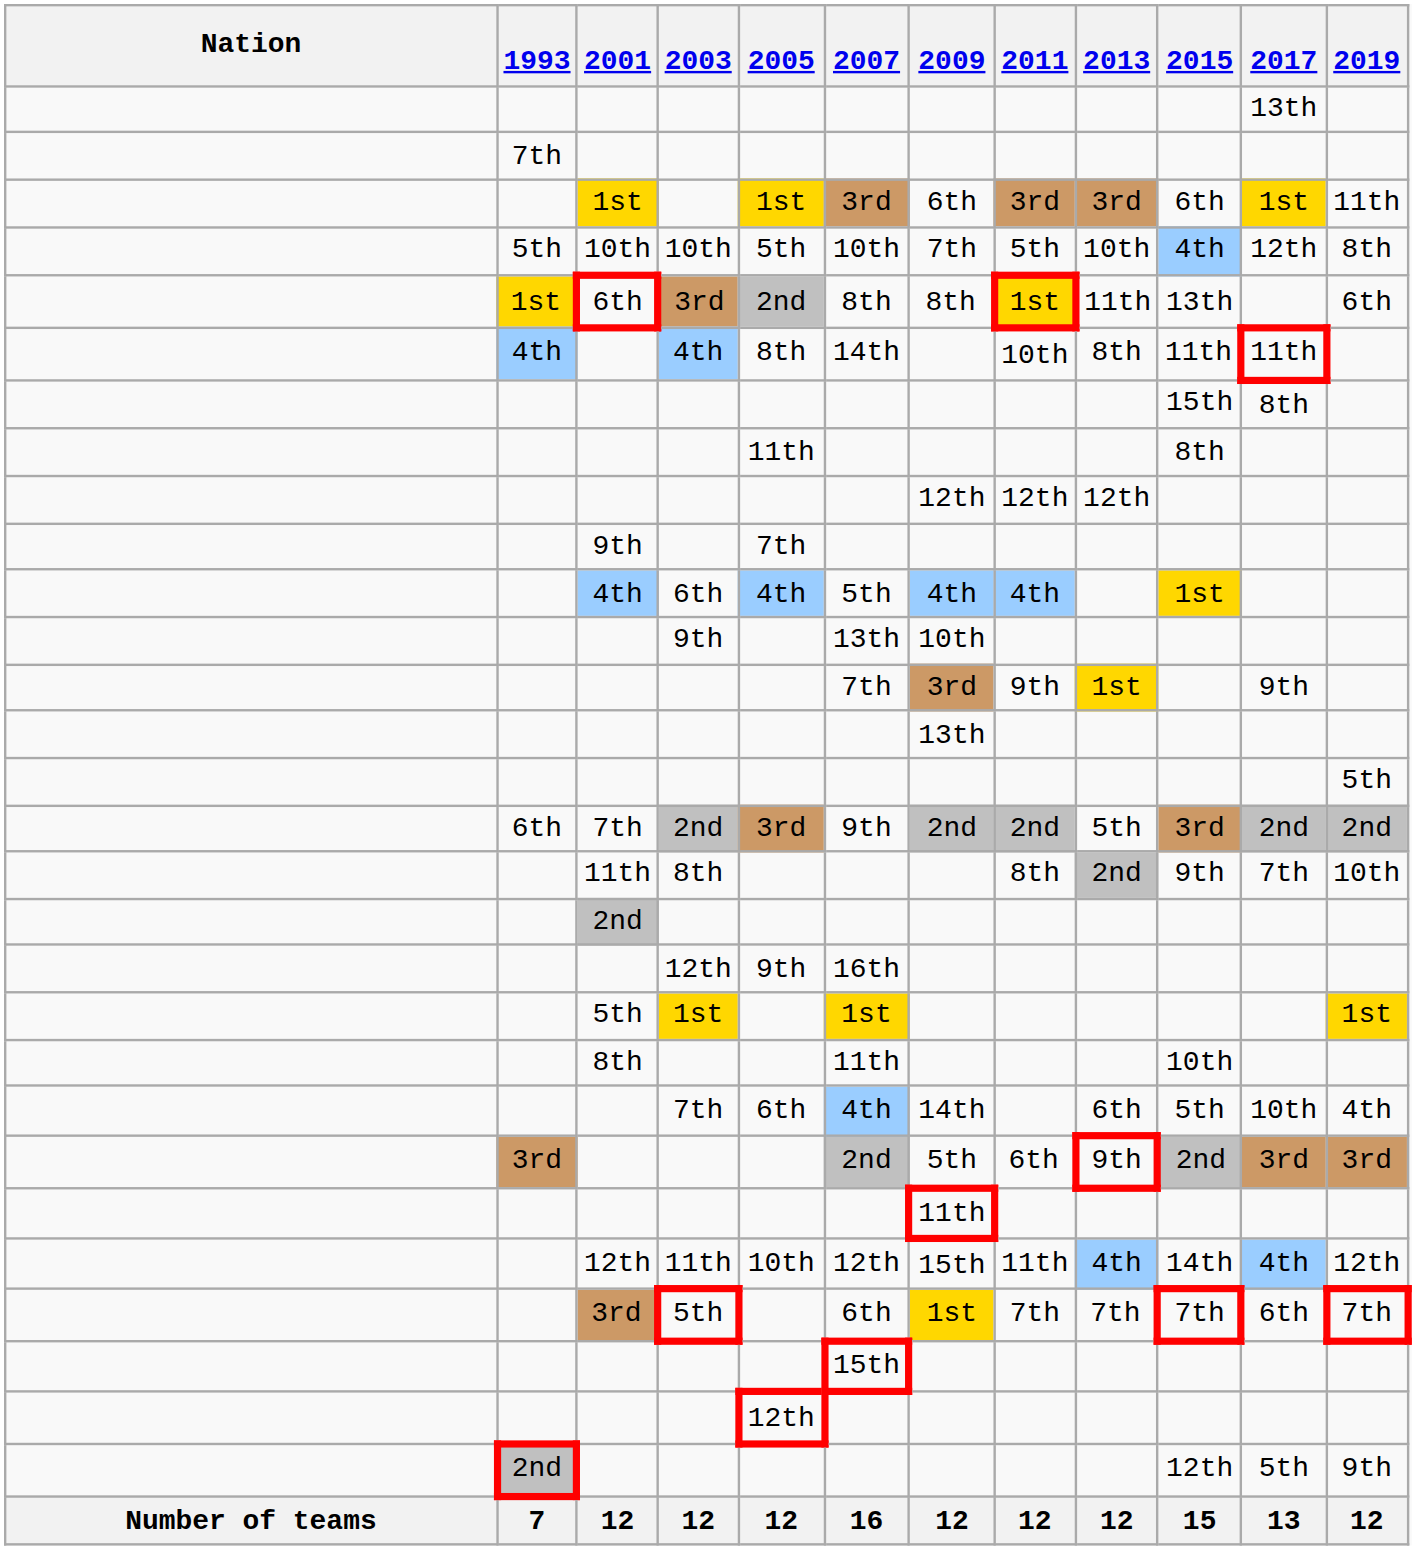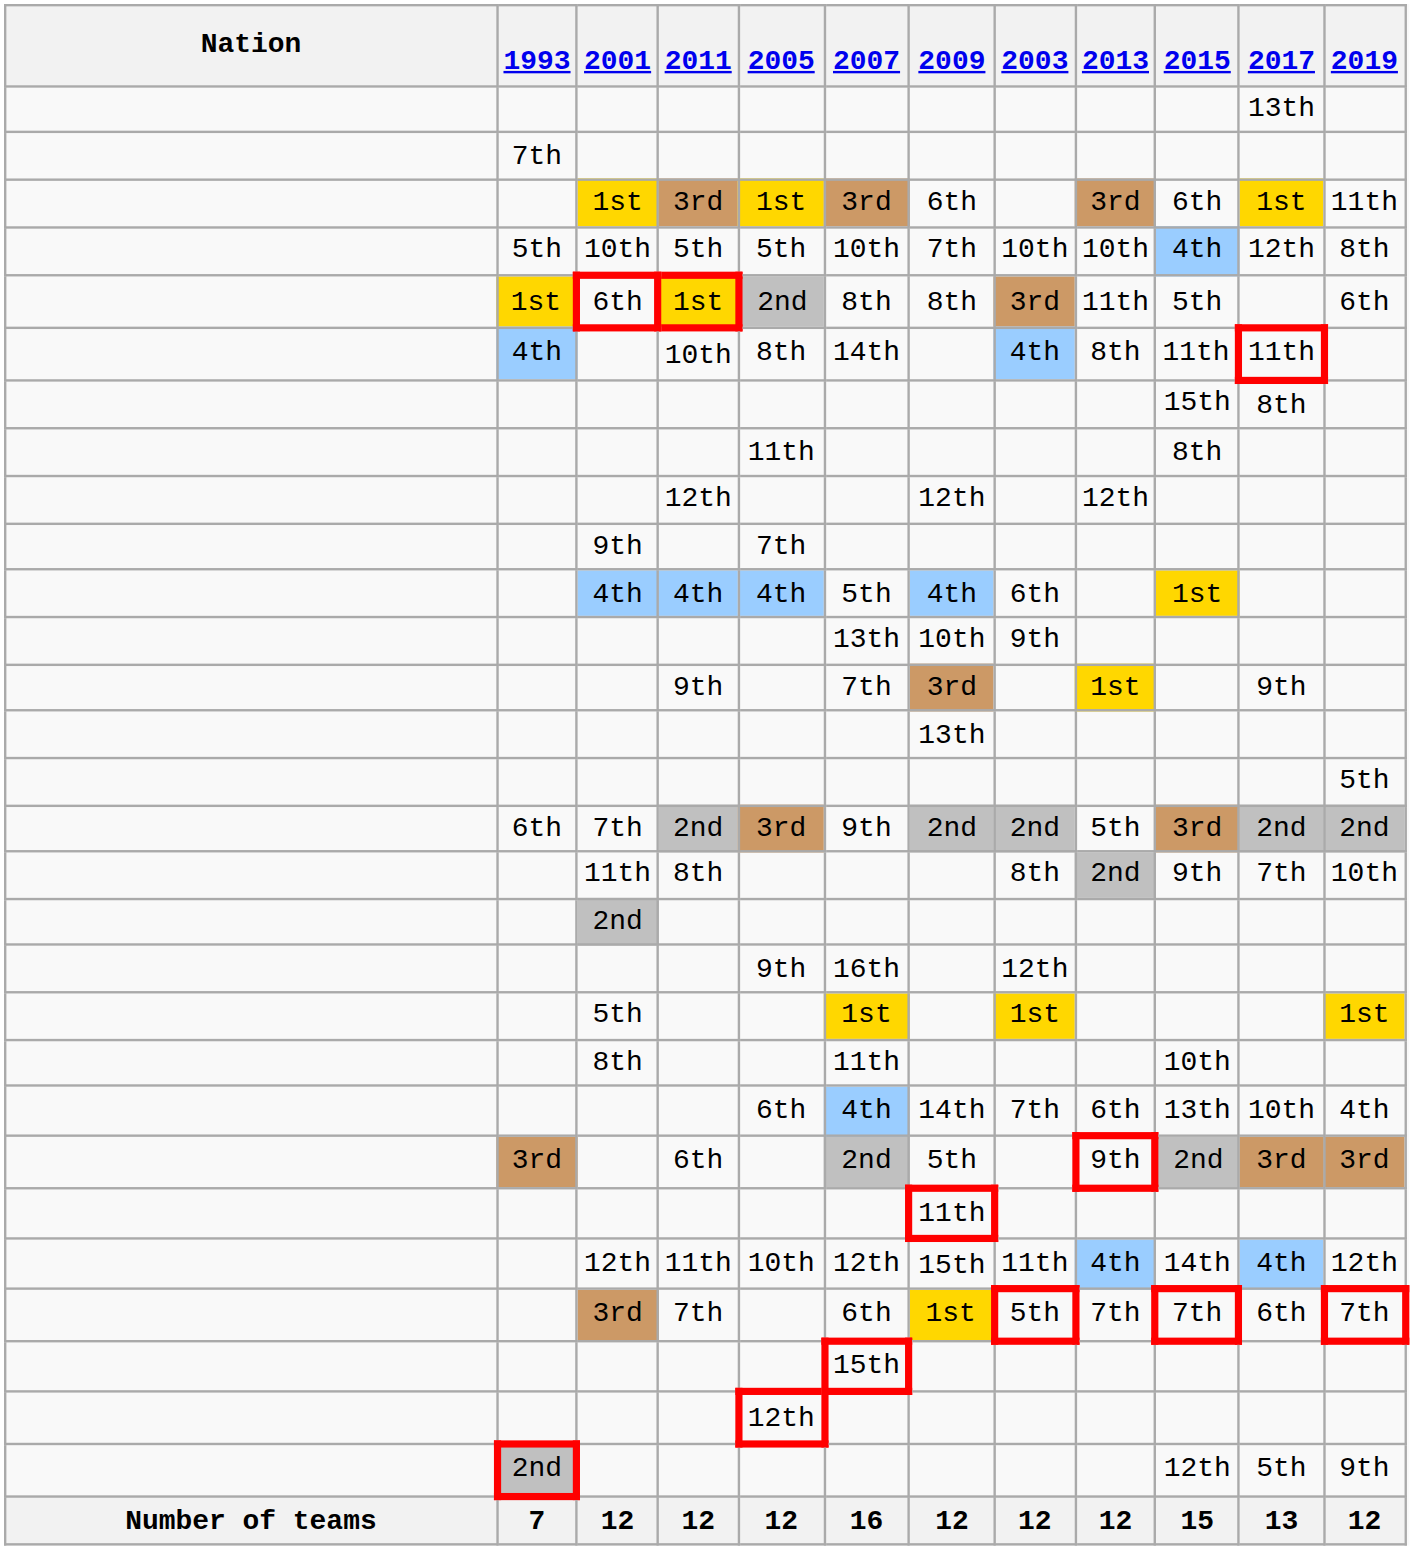 <table class="wikitable" style="text-align:center; font-size:90%">
 <tr>
 <th width=200>Nation</th>
 <th><br><a href='#'>1993</a></th>
 <th><br><a href='#'>2001</a></th>
-<th><br><a href='#'>2003</a></th>
+<th><br><a href='#'>2011</a></th>
 <th><br><a href='#'>2005</a></th>
 <th><br><a href='#'>2007</a></th>
 <th><br><a href='#'>2009</a></th>
-<th><br><a href='#'>2011</a></th>
+<th><br><a href='#'>2003</a></th>
 <th><br><a href='#'>2013</a></th>
 <th><br><a href='#'>2015</a></th>
 <th><br><a href='#'>2017</a></th>
 <th><br><a href='#'>2019</a></th>
 </tr>
 <tr>
 <td align=left></td>
 <td></td>
 <td></td>
 <td></td>
 <td></td>
 <td></td>
 <td></td>
 <td></td>
 <td></td>
 <td></td>
 <td>13th</td>
 <td></td>
 </tr>
 <tr>
 <td align=left></td>
 <td>7th</td>
 <td></td>
 <td></td>
 <td></td>
 <td></td>
 <td></td>
 <td></td>
 <td></td>
 <td></td>
 <td></td>
 <td></td>
 </tr>
 <tr>
 <td align=left></td>
 <td></td>
 <td bgcolor=gold>1st</td>
-<td></td>
+<td bgcolor=#cc9966>3rd</td>
 <td bgcolor=gold>1st</td>
 <td bgcolor=#cc9966>3rd</td>
 <td>6th</td>
-<td bgcolor=#cc9966>3rd</td>
+<td></td>
 <td bgcolor=#cc9966>3rd</td>
 <td>6th</td>
 <td bgcolor=gold>1st</td>
 <td>11th</td>
 </tr>
 <tr>
 <td align=left></td>
 <td>5th</td>
 <td>10th</td>
-<td>10th</td>
+<td>5th</td>
 <td>5th</td>
 <td>10th</td>
 <td>7th</td>
-<td>5th</td>
+<td>10th</td>
 <td>10th</td>
 <td bgcolor=#9acdff>4th</td>
 <td>12th</td>
 <td>8th</td>
 </tr>
 <tr>
 <td align=left></td>
 <td bgcolor=gold>1st</td>
 <td style="border: 3px solid red">6th</td>
-<td bgcolor=#cc9966>3rd</td>
+<td style="border: 3px solid red" bgcolor=gold>1st</td>
 <td bgcolor=silver>2nd</td>
 <td>8th</td>
 <td>8th</td>
-<td style="border: 3px solid red" bgcolor=gold>1st</td>
+<td bgcolor=#cc9966>3rd</td>
 <td>11th</td>
-<td>13th</td>
+<td>5th</td>
 <td></td>
 <td>6th</td>
 </tr>
 <tr>
 <td align=left></td>
 <td bgcolor=#9acdff>4th</td>
 <td></td>
-<td bgcolor=#9acdff>4th</td>
+<td>10th</td>
 <td>8th</td>
 <td>14th</td>
 <td></td>
-<td>10th</td>
+<td bgcolor=#9acdff>4th</td>
 <td>8th</td>
 <td>11th</td>
 <td style="border: 3px solid red">11th</td>
 <td></td>
 </tr>
 <tr>
 <td align=left></td>
 <td></td>
 <td></td>
 <td></td>
 <td></td>
 <td></td>
 <td></td>
 <td></td>
 <td></td>
 <td>15th</td>
 <td>8th</td>
 <td></td>
 </tr>
 <tr>
 <td align=left></td>
 <td></td>
 <td></td>
 <td></td>
 <td>11th</td>
 <td></td>
 <td></td>
 <td></td>
 <td></td>
 <td>8th</td>
 <td></td>
 <td></td>
 </tr>
 <tr>
 <td align=left></td>
 <td></td>
 <td></td>
-<td></td>
+<td>12th</td>
 <td></td>
 <td></td>
 <td>12th</td>
-<td>12th</td>
+<td></td>
 <td>12th</td>
 <td></td>
 <td></td>
 <td></td>
 </tr>
 <tr>
 <td align=left></td>
 <td></td>
 <td>9th</td>
 <td></td>
 <td>7th</td>
 <td></td>
 <td></td>
 <td></td>
 <td></td>
 <td></td>
 <td></td>
 <td></td>
 </tr>
 <tr>
 <td align=left></td>
 <td></td>
 <td bgcolor=#9acdff>4th</td>
-<td>6th</td>
+<td bgcolor=#9acdff>4th</td>
 <td bgcolor=#9acdff>4th</td>
 <td>5th</td>
 <td bgcolor=#9acdff>4th</td>
-<td bgcolor=#9acdff>4th</td>
+<td>6th</td>
 <td></td>
 <td bgcolor=gold>1st</td>
 <td></td>
 <td></td>
 </tr>
 <tr>
 <td align=left></td>
 <td></td>
 <td></td>
-<td>9th</td>
+<td></td>
 <td></td>
 <td>13th</td>
 <td>10th</td>
-<td></td>
+<td>9th</td>
 <td></td>
 <td></td>
 <td></td>
 <td></td>
 </tr>
 <tr>
 <td align=left></td>
 <td></td>
 <td></td>
-<td></td>
+<td>9th</td>
 <td></td>
 <td>7th</td>
 <td bgcolor=#cc9966>3rd</td>
-<td>9th</td>
+<td></td>
 <td bgcolor=gold>1st</td>
 <td></td>
 <td>9th</td>
 <td></td>
 </tr>
 <tr>
 <td align=left></td>
 <td></td>
 <td></td>
 <td></td>
 <td></td>
 <td></td>
 <td>13th</td>
 <td></td>
 <td></td>
 <td></td>
 <td></td>
 <td></td>
 </tr>
 <tr>
 <td align=left></td>
 <td></td>
 <td></td>
 <td></td>
 <td></td>
 <td></td>
 <td></td>
 <td></td>
 <td></td>
 <td></td>
 <td></td>
 <td>5th</td>
 </tr>
 <tr>
 <td align=left></td>
 <td>6th</td>
 <td>7th</td>
 <td bgcolor=silver>2nd</td>
 <td bgcolor=#cc9966>3rd</td>
 <td>9th</td>
 <td bgcolor=silver>2nd</td>
 <td bgcolor=silver>2nd</td>
 <td>5th</td>
 <td bgcolor=#cc9966>3rd</td>
 <td bgcolor=silver>2nd</td>
 <td bgcolor=silver>2nd</td>
 </tr>
 <tr>
 <td align=left></td>
 <td></td>
 <td>11th</td>
 <td>8th</td>
 <td></td>
 <td></td>
 <td></td>
 <td>8th</td>
 <td bgcolor=silver>2nd</td>
 <td>9th</td>
 <td>7th</td>
 <td>10th</td>
 </tr>
 <tr>
 <td align=left></td>
 <td></td>
 <td bgcolor=silver>2nd</td>
 <td></td>
 <td></td>
 <td></td>
 <td></td>
 <td></td>
 <td></td>
 <td></td>
 <td></td>
 <td></td>
 </tr>
 <tr>
 <td align=left></td>
 <td></td>
 <td></td>
-<td>12th</td>
+<td></td>
 <td>9th</td>
 <td>16th</td>
 <td></td>
-<td></td>
+<td>12th</td>
 <td></td>
 <td></td>
 <td></td>
 <td></td>
 </tr>
 <tr>
 <td align=left></td>
 <td></td>
 <td>5th</td>
+<td></td>
+<td></td>
 <td bgcolor=gold>1st</td>
 <td></td>
 <td bgcolor=gold>1st</td>
-<td></td>
-<td></td>
 <td></td>
 <td></td>
 <td></td>
 <td bgcolor=gold>1st</td>
 </tr>
 <tr>
 <td align=left></td>
 <td></td>
 <td>8th</td>
 <td></td>
 <td></td>
 <td>11th</td>
 <td></td>
 <td></td>
 <td></td>
 <td>10th</td>
 <td></td>
 <td></td>
 </tr>
 <tr>
 <td align=left></td>
 <td></td>
 <td></td>
-<td>7th</td>
+<td></td>
 <td>6th</td>
 <td bgcolor=#9acdff>4th</td>
 <td>14th</td>
-<td></td>
+<td>7th</td>
 <td>6th</td>
-<td>5th</td>
+<td>13th</td>
 <td>10th</td>
 <td>4th</td>
 </tr>
 <tr>
 <td align=left></td>
 <td bgcolor=#cc9966>3rd</td>
 <td></td>
-<td></td>
+<td>6th</td>
 <td></td>
 <td bgcolor=silver>2nd</td>
 <td>5th</td>
-<td>6th</td>
+<td></td>
 <td style="border: 3px solid red">9th</td>
 <td bgcolor=silver>2nd</td>
 <td bgcolor=#cc9966>3rd</td>
 <td bgcolor=#cc9966>3rd</td>
 </tr>
 <tr>
 <td align=left></td>
 <td></td>
 <td></td>
 <td></td>
 <td></td>
 <td></td>
 <td style="border: 3px solid red">11th</td>
 <td></td>
 <td></td>
 <td></td>
 <td></td>
 <td></td>
 </tr>
 <tr>
 <td align=left></td>
 <td></td>
 <td>12th</td>
 <td>11th</td>
 <td>10th</td>
 <td>12th</td>
 <td>15th</td>
 <td>11th</td>
 <td bgcolor=#9acdff>4th</td>
 <td>14th</td>
 <td bgcolor=#9acdff>4th</td>
 <td>12th</td>
 </tr>
 <tr>
 <td align=left></td>
 <td></td>
 <td bgcolor=#cc9966>3rd</td>
-<td style="border: 3px solid red">5th</td>
+<td>7th</td>
 <td></td>
 <td>6th</td>
 <td bgcolor=gold>1st</td>
-<td>7th</td>
+<td style="border: 3px solid red">5th</td>
 <td>7th</td>
 <td style="border: 3px solid red">7th</td>
 <td>6th</td>
 <td style="border: 3px solid red">7th</td>
 </tr>
 <tr>
 <td align=left></td>
 <td></td>
 <td></td>
 <td></td>
 <td></td>
 <td style="border: 3px solid red">15th</td>
 <td></td>
 <td></td>
 <td></td>
 <td></td>
 <td></td>
 <td></td>
 </tr>
 <tr>
 <td align=left></td>
 <td></td>
 <td></td>
 <td></td>
 <td style="border: 3px solid red">12th</td>
 <td></td>
 <td></td>
 <td></td>
 <td></td>
 <td></td>
 <td></td>
 <td></td>
 </tr>
 <tr>
 <td align=left></td>
 <td style="border: 3px solid red" bgcolor=silver>2nd</td>
 <td></td>
 <td></td>
 <td></td>
 <td></td>
 <td></td>
 <td></td>
 <td></td>
 <td>12th</td>
 <td>5th</td>
 <td>9th</td>
 </tr>
 <tr>
 <th>Number of teams</th>
 <th>7</th>
 <th>12</th>
 <th>12</th>
 <th>12</th>
 <th>16</th>
 <th>12</th>
 <th>12</th>
 <th>12</th>
 <th>15</th>
 <th>13</th>
 <th>12</th>
 </tr>
 </table>
